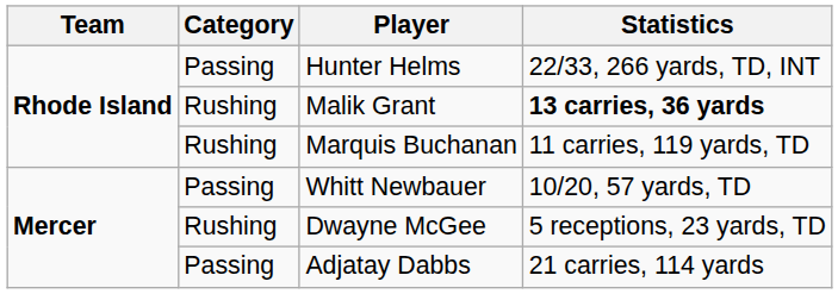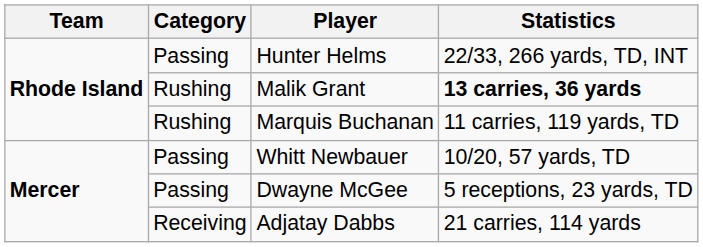 <table class="wikitable" style="float: right;">
 <tr>
 <th>Team</th>
 <th>Category</th>
 <th>Player</th>
 <th>Statistics</th>
 </tr>
 <tr>
 <td rowspan=3><strong>Rhode Island</strong></td>
 <td>Passing</td>
 <td>Hunter Helms</td>
 <td>22/33, 266 yards, TD, INT</td>
 </tr>
 <tr>
 <td>Rushing</td>
 <td>Malik Grant</td>
 <td><strong>13 carries, 36 yards</strong></td>
 </tr>
 <tr>
 <td>Rushing</td>
 <td>Marquis Buchanan</td>
 <td>11 carries, 119 yards, TD</td>
 </tr>
 <tr>
 <td rowspan=3><strong>Mercer</strong></td>
 <td>Passing</td>
 <td>Whitt Newbauer</td>
 <td>10/20, 57 yards, TD</td>
 </tr>
 <tr>
-<td>Rushing</td>
+<td>Passing</td>
 <td>Dwayne McGee</td>
 <td>5 receptions, 23 yards, TD</td>
 </tr>
 <tr>
-<td>Passing</td>
+<td>Receiving</td>
 <td>Adjatay Dabbs</td>
 <td>21 carries, 114 yards</td>
 </tr>
 </table>
